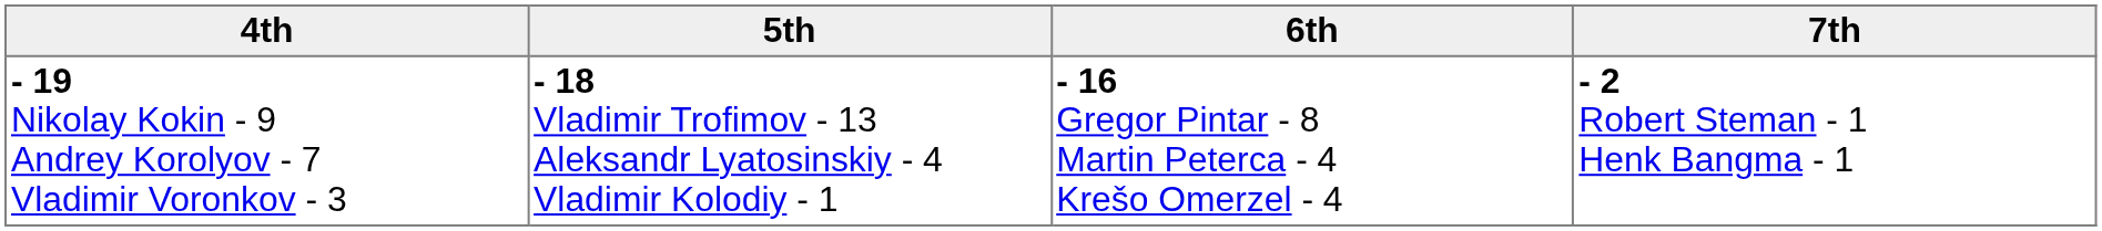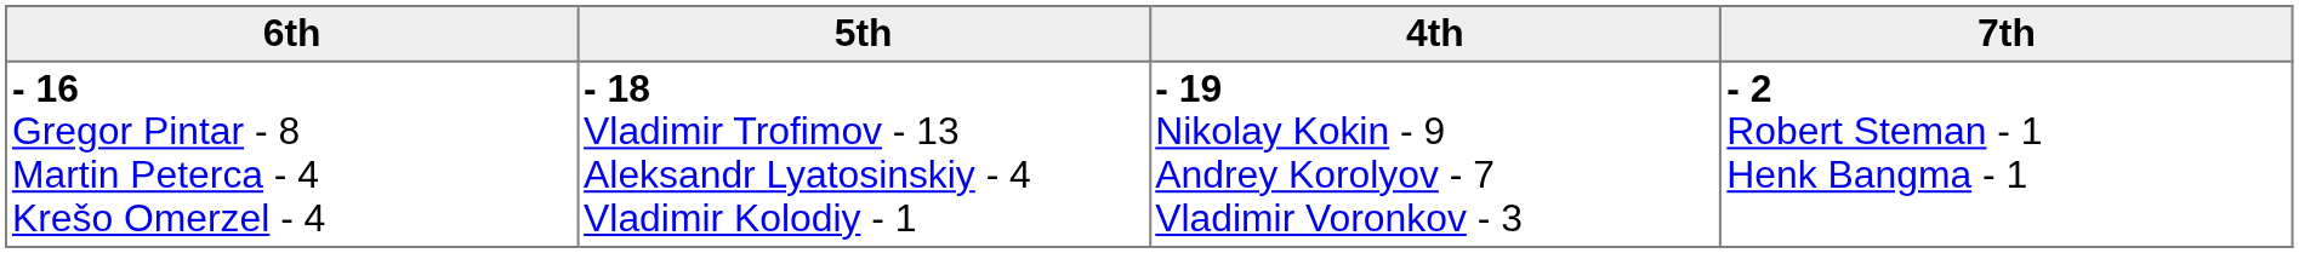 <table border="1" cellpadding="2" cellspacing="0"  style="width:75%; border-collapse:collapse;">
 <tr style="text-align:left; background:#efefef;">
+<th style="width:15%; text-align:center;">6th</th>
+<th style="width:15%; text-align:center;">5th</th>
 <th style="width:15%; text-align:center;">4th</th>
-<th style="width:15%; text-align:center;">5th</th>
-<th style="width:15%; text-align:center;">6th</th>
 <th style="width:15%; text-align:center;">7th</th>
 </tr>
 <tr align=left>
+<td valign=top align=left><strong> - 16</strong><br><a href='#'>Gregor Pintar</a> - 8<br><a href='#'>Martin Peterca</a> - 4<br><a href='#'>Krešo Omerzel</a> - 4</td>
+<td valign=top align=left><strong> - 18</strong><br><a href='#'>Vladimir Trofimov</a> - 13<br><a href='#'>Aleksandr Lyatosinskiy</a> - 4<br><a href='#'>Vladimir Kolodiy</a> - 1</td>
 <td valign=top align=left><strong> - 19</strong><br><a href='#'>Nikolay Kokin</a> - 9 <br><a href='#'>Andrey Korolyov</a> - 7<br><a href='#'>Vladimir Voronkov</a> - 3</td>
-<td valign=top align=left><strong> - 18</strong><br><a href='#'>Vladimir Trofimov</a> - 13<br><a href='#'>Aleksandr Lyatosinskiy</a> - 4<br><a href='#'>Vladimir Kolodiy</a> - 1</td>
-<td valign=top align=left><strong> - 16</strong><br><a href='#'>Gregor Pintar</a> - 8<br><a href='#'>Martin Peterca</a> - 4<br><a href='#'>Krešo Omerzel</a> - 4</td>
 <td valign=top align=left><strong> - 2</strong><br><a href='#'>Robert Steman</a> - 1<br><a href='#'>Henk Bangma</a> - 1</td>
 </tr>
 </table>
